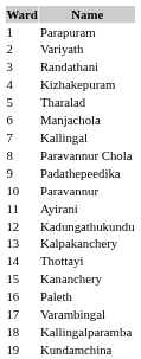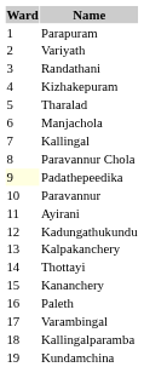 <table align="left" class="toccolours" cellspacing="1" cellpadding="1" style="margin-right: .5em; margin-top: .4em; font-size: 95%">
 <tr bgcolor="#cccccc" valign="top">
 <th>Ward</th>
 <th>Name</th>
 </tr>
 <tr po>
 <td>1</td>
 <td>Parapuram</td>
 </tr>
 <tr>
 <td>2</td>
 <td>Variyath</td>
 </tr>
 <tr>
 <td>3</td>
 <td>Randathani</td>
 </tr>
 <tr>
 <td>4</td>
 <td>Kizhakepuram</td>
 </tr>
 <tr>
 <td>5</td>
 <td>Tharalad</td>
 </tr>
 <tr>
 <td>6</td>
 <td>Manjachola</td>
 </tr>
 <tr>
 <td>7</td>
 <td>Kallingal</td>
 </tr>
 <tr>
 <td>8</td>
 <td>Paravannur Chola</td>
 </tr>
 <tr>
-<td>9</td>
+<td style="background: lightyellow;">9</td>
 <td>Padathepeedika</td>
 </tr>
 <tr>
 <td>10</td>
 <td>Paravannur</td>
 </tr>
 <tr>
 <td>11</td>
 <td>Ayirani</td>
 </tr>
 <tr>
 <td>12</td>
 <td>Kadungathukundu</td>
 </tr>
 <tr>
 <td>13</td>
 <td>Kalpakanchery</td>
 </tr>
 <tr>
 <td>14</td>
 <td>Thottayi</td>
 </tr>
 <tr>
 <td>15</td>
 <td>Kananchery</td>
 </tr>
 <tr>
 <td>16</td>
 <td>Paleth</td>
 </tr>
 <tr>
 <td>17</td>
 <td>Varambingal</td>
 </tr>
 <tr>
 <td>18</td>
 <td>Kallingalparamba</td>
 </tr>
 <tr>
 <td>19</td>
 <td>Kundamchina</td>
 </tr>
 </table>
